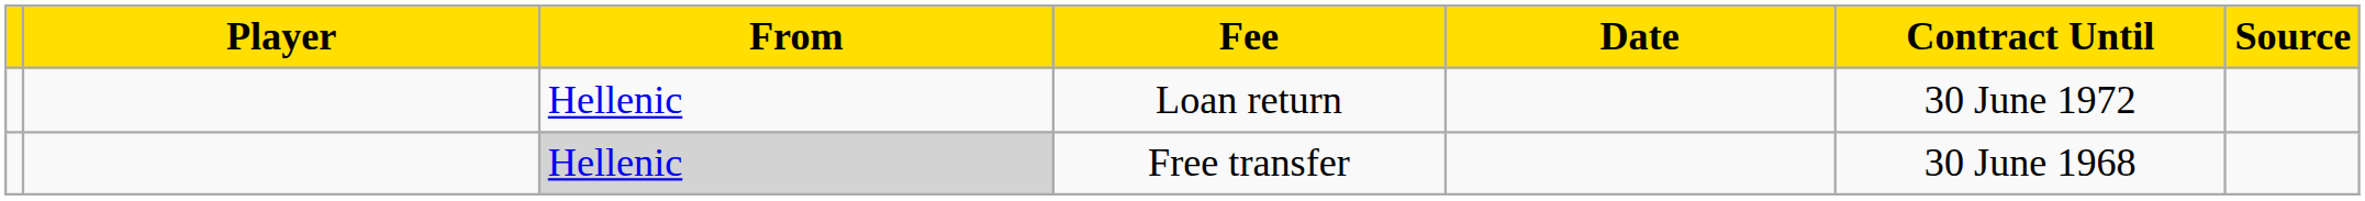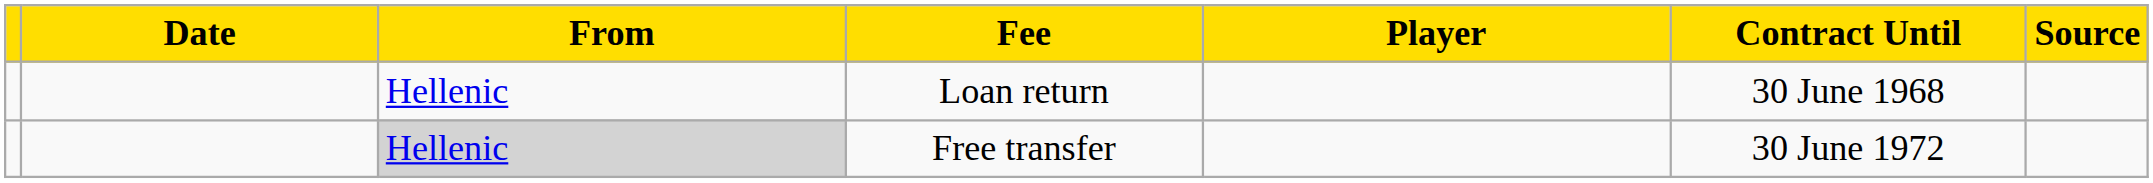 <table class="wikitable sortable">
 <tr>
 <th style="background:#FFDE00"></th>
-<th width=200 style="background:#FFDE00">Player</th>
+<th width=150 style="background:#FFDE00">Date</th>
 <th width=200 style="background:#FFDE00">From</th>
 <th width=150 style="background:#FFDE00">Fee</th>
-<th width=150 style="background:#FFDE00">Date</th>
+<th width=200 style="background:#FFDE00">Player</th>
 <th width=150 style="background:#FFDE00">Contract Until</th>
 <th style="background:#FFDE00">Source</th>
 </tr>
 <tr>
 <td align=center></td>
-<td></td>
+<td align=center></td>
 <td> <a href='#'>Hellenic</a></td>
 <td align=center>Loan return</td>
-<td align=center></td>
-<td align=center>30 June 1972</td>
+<td></td>
+<td align=center>30 June 1968</td>
 <td align=center></td>
 </tr>
 <tr>
 <td align=center></td>
-<td></td>
+<td align=center></td>
 <td style="background: lightgrey;"> <a href='#'>Hellenic</a></td>
 <td align=center>Free transfer</td>
-<td align=center></td>
-<td align=center>30 June 1968</td>
+<td></td>
+<td align=center>30 June 1972</td>
 <td align=center></td>
 </tr>
 </table>
